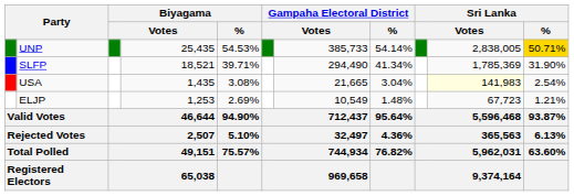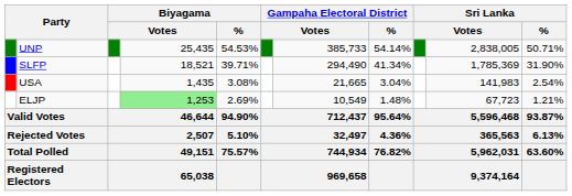 <table class="wikitable">
 <tr>
 <th colspan="2" width="144px"rowspan="2">Party</th>
 <th colspan="3" width="216px">Biyagama</th>
 <th colspan="3" width="216px"><a href='#'>Gampaha Electoral District</a></th>
 <th colspan="3" width="216px">Sri Lanka</th>
 </tr>
 <tr>
 <th colspan="2" width="144px">Votes</th>
 <th>%</th>
 <th colspan="2" width="144px">Votes</th>
 <th>%</th>
 <th colspan="2" width="144px">Votes</th>
 <th>%</th>
 </tr>
 <tr>
 <td style="background-color:green;" width="10px"></td>
 <td style="text-align:left;"><a href='#'>UNP</a></td>
 <td style="background-color:green;" width="10px"></td>
 <td style="text-align:right;">25,435</td>
 <td style="text-align:right;">54.53%</td>
 <td style="background-color:green;" width="10px"></td>
 <td style="text-align:right;">385,733</td>
 <td style="text-align:right;">54.14%</td>
 <td style="background-color:green;" width="10px"></td>
 <td style="text-align:right;">2,838,005</td>
-<td style="background: gold; text-align:right;">50.71%</td>
+<td style="text-align:right;">50.71%</td>
 </tr>
 <tr>
 <td style="background-color:blue;" width="10px"></td>
 <td style="text-align:left;"><a href='#'>SLFP</a></td>
 <td style="background-color:white;" width="10px"></td>
 <td style="text-align:right;">18,521</td>
 <td style="text-align:right;">39.71%</td>
 <td style="background-color:white;" width="10px"></td>
 <td style="text-align:right;">294,490</td>
 <td style="text-align:right;">41.34%</td>
 <td style="background-color:white;" width="10px"></td>
 <td style="text-align:right;">1,785,369</td>
 <td style="text-align:right;">31.90%</td>
 </tr>
 <tr>
 <td style="background-color:red;" width="10px"></td>
 <td style="text-align:left;">USA</td>
 <td style="background-color:white;" width="10px"></td>
 <td style="text-align:right;">1,435</td>
 <td style="text-align:right;">3.08%</td>
 <td style="background-color:white;" width="10px"></td>
 <td style="text-align:right;">21,665</td>
 <td style="text-align:right;">3.04%</td>
 <td style="background-color:white;" width="10px"></td>
-<td style="background: lightyellow; text-align:right;">141,983</td>
+<td style="text-align:right;">141,983</td>
 <td style="text-align:right;">2.54%</td>
 </tr>
 <tr>
 <td style="background-color:white;" width="10px"></td>
 <td style="text-align:left;">ELJP</td>
 <td style="background-color:white;" width="10px"></td>
-<td style="text-align:right;">1,253</td>
+<td style="background: lightgreen; text-align:right;">1,253</td>
 <td style="text-align:right;">2.69%</td>
 <td style="background-color:white;" width="10px"></td>
 <td style="text-align:right;">10,549</td>
 <td style="text-align:right;">1.48%</td>
 <td style="background-color:white;" width="10px"></td>
 <td style="text-align:right;">67,723</td>
 <td style="text-align:right;">1.21%</td>
 </tr>
 <tr>
 <th colspan="2" width="144px"style="text-align:left;">Valid Votes</th>
 <th style="text-align:right;"colspan="2" width="144px">46,644</th>
 <th style="text-align:right;">94.90%</th>
 <th style="text-align:right;"colspan="2" width="144px">712,437</th>
 <th style="text-align:right;">95.64%</th>
 <th style="text-align:right;"colspan="2" width="144px">5,596,468</th>
 <th style="text-align:right;">93.87%</th>
 </tr>
 <tr>
 <th colspan="2" width="144px"style="text-align:left;">Rejected Votes</th>
 <th style="text-align:right;"colspan="2" width="144px">2,507</th>
 <th style="text-align:right;">5.10%</th>
 <th style="text-align:right;"colspan="2" width="144px">32,497</th>
 <th style="text-align:right;">4.36%</th>
 <th style="text-align:right;"colspan="2" width="144px">365,563</th>
 <th style="text-align:right;">6.13%</th>
 </tr>
 <tr>
 <th colspan="2" width="144px"style="text-align:left;">Total Polled</th>
 <th style="text-align:right;"colspan="2" width="144px">49,151</th>
 <th style="text-align:right;">75.57%</th>
 <th style="text-align:right;"colspan="2" width="144px">744,934</th>
 <th style="text-align:right;">76.82%</th>
 <th style="text-align:right;"colspan="2" width="144px">5,962,031</th>
 <th style="text-align:right;">63.60%</th>
 </tr>
 <tr>
 <th colspan="2" width="144px"style="text-align:left;">Registered Electors</th>
 <th style="text-align:right;"colspan="2" width="144px">65,038</th>
 <th></th>
 <th style="text-align:right;"colspan="2" width="144px">969,658</th>
 <th></th>
 <th style="text-align:right;"colspan="2" width="144px">9,374,164</th>
 <th></th>
 </tr>
 </table>
